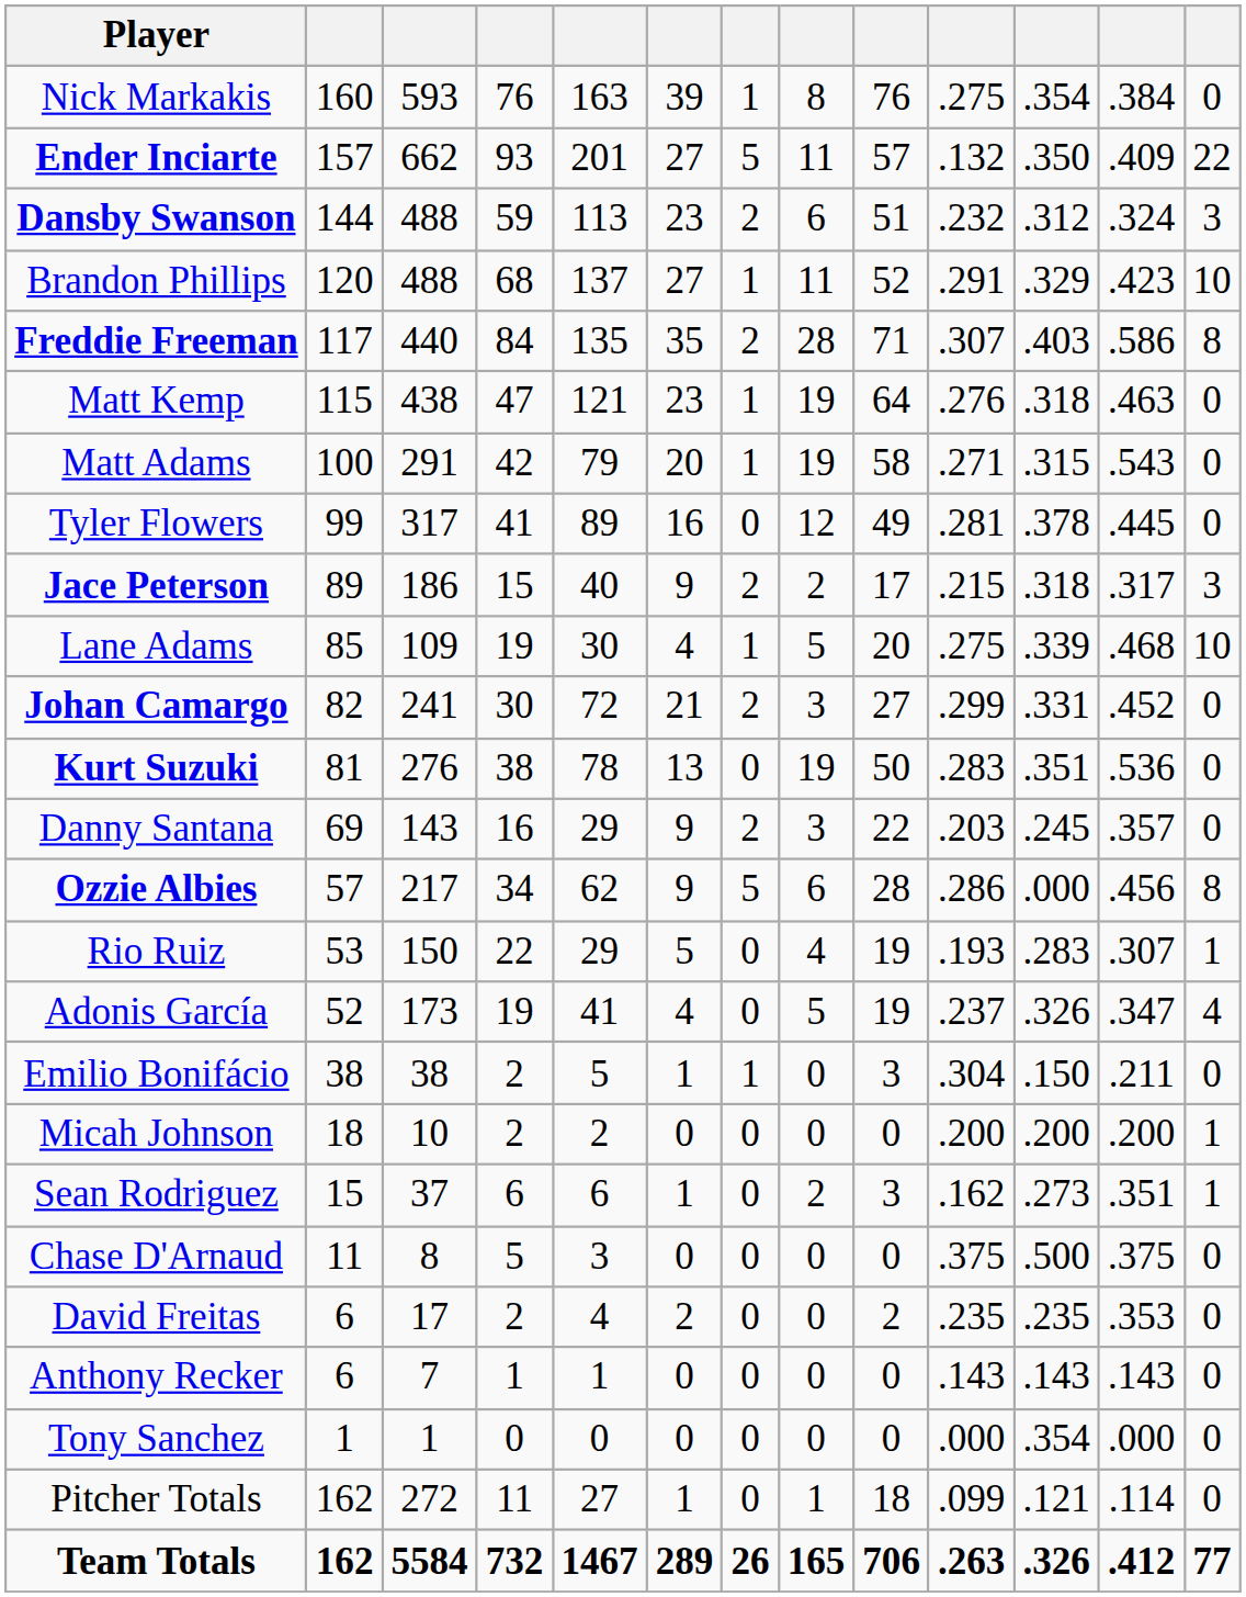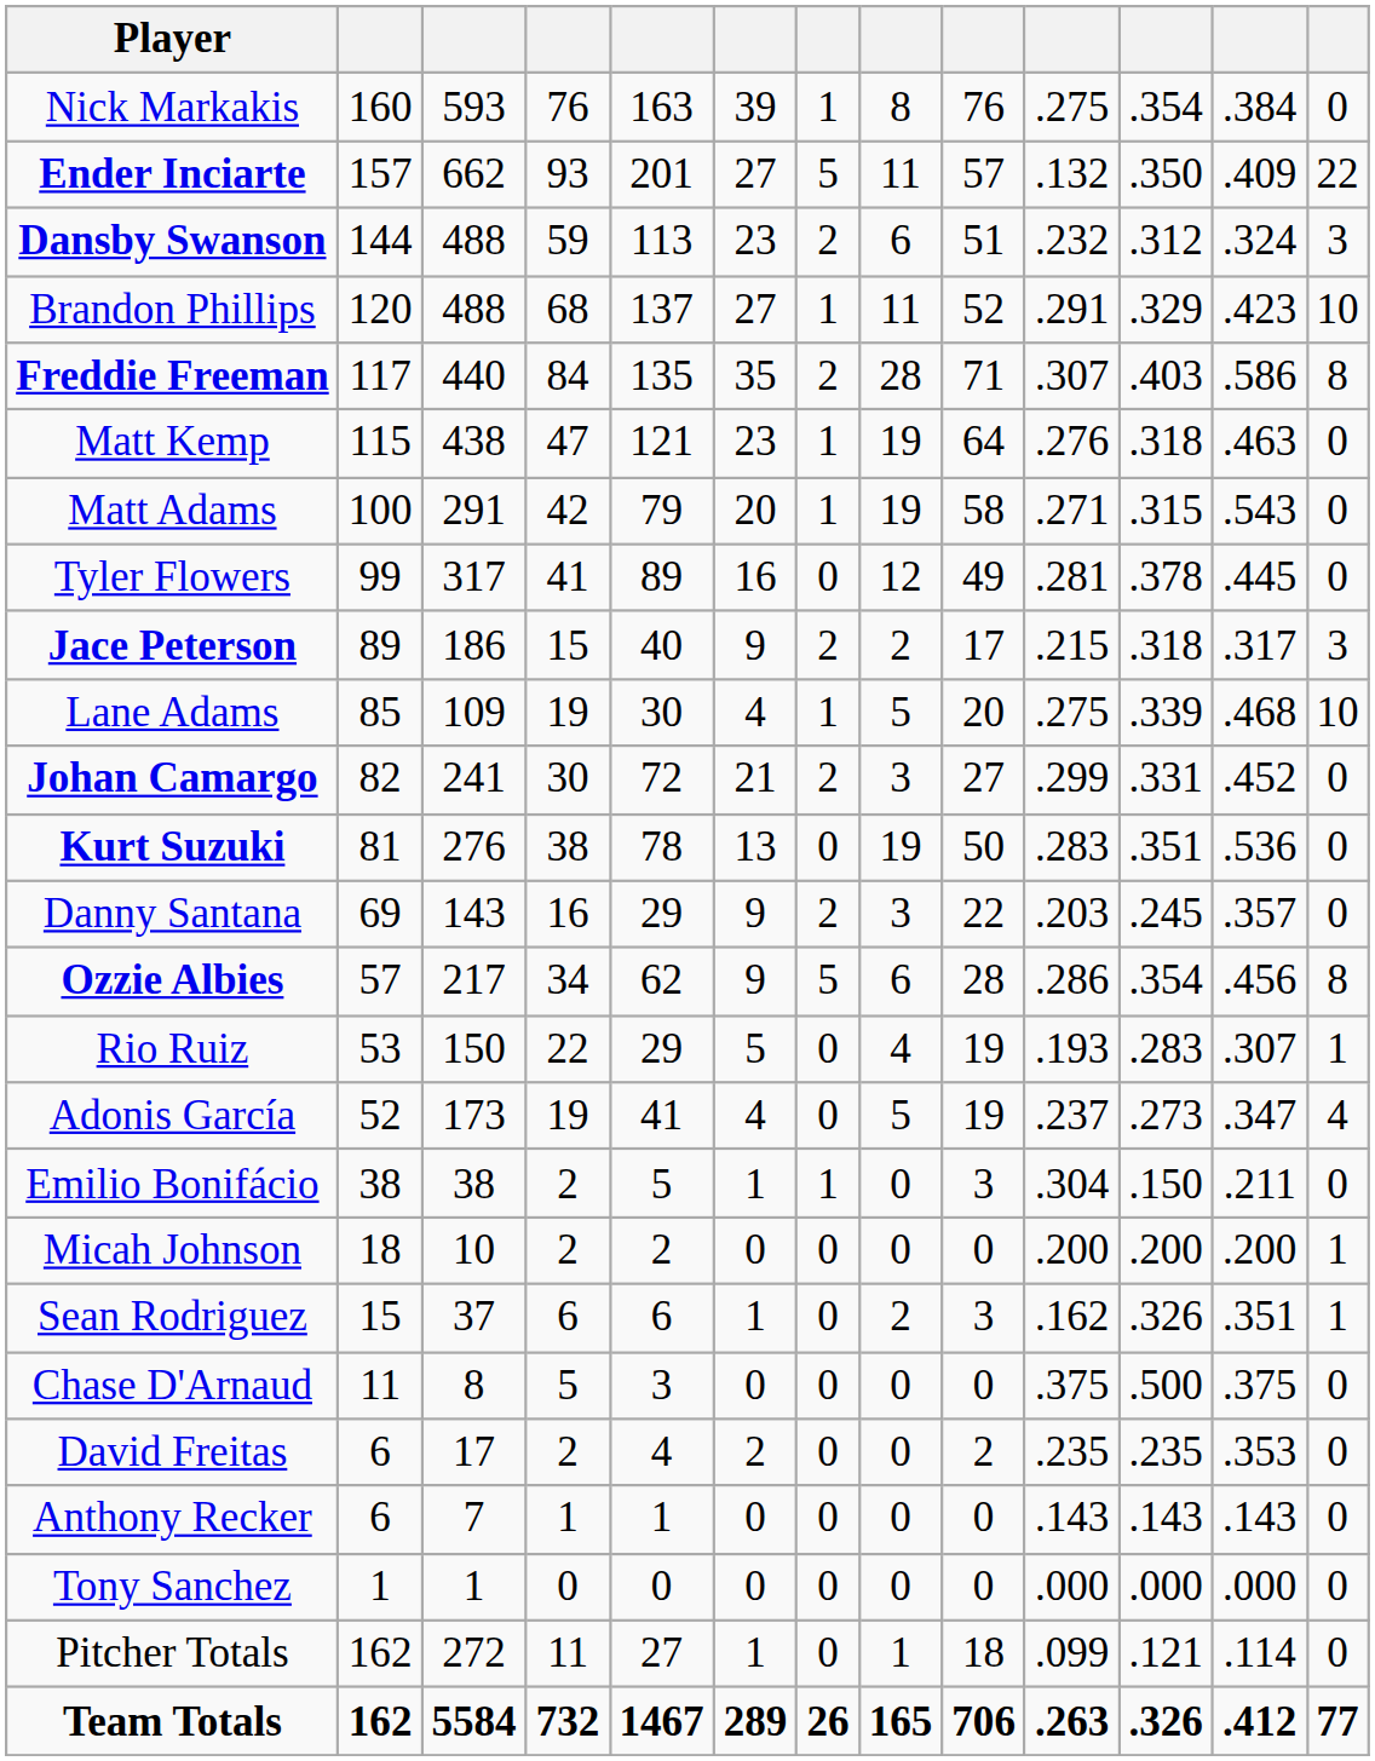 <table class="wikitable sortable" style="text-align:center;">
 <tr>
 <th>Player</th>
 <th></th>
 <th></th>
 <th></th>
 <th></th>
 <th></th>
 <th></th>
 <th></th>
 <th></th>
 <th></th>
 <th></th>
 <th></th>
 <th></th>
 </tr>
 <tr>
 <td><a href='#'>Nick Markakis</a></td>
 <td>160</td>
 <td>593</td>
 <td>76</td>
 <td>163</td>
 <td>39</td>
 <td>1</td>
 <td>8</td>
 <td>76</td>
 <td>.275</td>
 <td>.354</td>
 <td>.384</td>
 <td>0</td>
 </tr>
 <tr>
 <td><strong><a href='#'>Ender Inciarte</a></strong></td>
 <td>157</td>
 <td>662</td>
 <td>93</td>
 <td>201</td>
 <td>27</td>
 <td>5</td>
 <td>11</td>
 <td>57</td>
 <td>.132</td>
 <td>.350</td>
 <td>.409</td>
 <td>22</td>
 </tr>
 <tr>
 <td><strong><a href='#'>Dansby Swanson</a></strong></td>
 <td>144</td>
 <td>488</td>
 <td>59</td>
 <td>113</td>
 <td>23</td>
 <td>2</td>
 <td>6</td>
 <td>51</td>
 <td>.232</td>
 <td>.312</td>
 <td>.324</td>
 <td>3</td>
 </tr>
 <tr>
 <td><a href='#'>Brandon Phillips</a></td>
 <td>120</td>
 <td>488</td>
 <td>68</td>
 <td>137</td>
 <td>27</td>
 <td>1</td>
 <td>11</td>
 <td>52</td>
 <td>.291</td>
 <td>.329</td>
 <td>.423</td>
 <td>10</td>
 </tr>
 <tr>
 <td><strong><a href='#'>Freddie Freeman</a></strong></td>
 <td>117</td>
 <td>440</td>
 <td>84</td>
 <td>135</td>
 <td>35</td>
 <td>2</td>
 <td>28</td>
 <td>71</td>
 <td>.307</td>
 <td>.403</td>
 <td>.586</td>
 <td>8</td>
 </tr>
 <tr>
 <td><a href='#'>Matt Kemp</a></td>
 <td>115</td>
 <td>438</td>
 <td>47</td>
 <td>121</td>
 <td>23</td>
 <td>1</td>
 <td>19</td>
 <td>64</td>
 <td>.276</td>
 <td>.318</td>
 <td>.463</td>
 <td>0</td>
 </tr>
 <tr>
 <td><a href='#'>Matt Adams</a></td>
 <td>100</td>
 <td>291</td>
 <td>42</td>
 <td>79</td>
 <td>20</td>
 <td>1</td>
 <td>19</td>
 <td>58</td>
 <td>.271</td>
 <td>.315</td>
 <td>.543</td>
 <td>0</td>
 </tr>
 <tr>
 <td><a href='#'>Tyler Flowers</a></td>
 <td>99</td>
 <td>317</td>
 <td>41</td>
 <td>89</td>
 <td>16</td>
 <td>0</td>
 <td>12</td>
 <td>49</td>
 <td>.281</td>
 <td>.378</td>
 <td>.445</td>
 <td>0</td>
 </tr>
 <tr>
 <td><strong><a href='#'>Jace Peterson</a></strong></td>
 <td>89</td>
 <td>186</td>
 <td>15</td>
 <td>40</td>
 <td>9</td>
 <td>2</td>
 <td>2</td>
 <td>17</td>
 <td>.215</td>
 <td>.318</td>
 <td>.317</td>
 <td>3</td>
 </tr>
 <tr>
 <td><a href='#'>Lane Adams</a></td>
 <td>85</td>
 <td>109</td>
 <td>19</td>
 <td>30</td>
 <td>4</td>
 <td>1</td>
 <td>5</td>
 <td>20</td>
 <td>.275</td>
 <td>.339</td>
 <td>.468</td>
 <td>10</td>
 </tr>
 <tr>
 <td><strong><a href='#'>Johan Camargo</a></strong></td>
 <td>82</td>
 <td>241</td>
 <td>30</td>
 <td>72</td>
 <td>21</td>
 <td>2</td>
 <td>3</td>
 <td>27</td>
 <td>.299</td>
 <td>.331</td>
 <td>.452</td>
 <td>0</td>
 </tr>
 <tr>
 <td><strong><a href='#'>Kurt Suzuki</a></strong></td>
 <td>81</td>
 <td>276</td>
 <td>38</td>
 <td>78</td>
 <td>13</td>
 <td>0</td>
 <td>19</td>
 <td>50</td>
 <td>.283</td>
 <td>.351</td>
 <td>.536</td>
 <td>0</td>
 </tr>
 <tr>
 <td><a href='#'>Danny Santana</a></td>
 <td>69</td>
 <td>143</td>
 <td>16</td>
 <td>29</td>
 <td>9</td>
 <td>2</td>
 <td>3</td>
 <td>22</td>
 <td>.203</td>
 <td>.245</td>
 <td>.357</td>
 <td>0</td>
 </tr>
 <tr>
 <td><strong><a href='#'>Ozzie Albies</a></strong></td>
 <td>57</td>
 <td>217</td>
 <td>34</td>
 <td>62</td>
 <td>9</td>
 <td>5</td>
 <td>6</td>
 <td>28</td>
 <td>.286</td>
-<td>.000</td>
+<td>.354</td>
 <td>.456</td>
 <td>8</td>
 </tr>
 <tr>
 <td><a href='#'>Rio Ruiz</a></td>
 <td>53</td>
 <td>150</td>
 <td>22</td>
 <td>29</td>
 <td>5</td>
 <td>0</td>
 <td>4</td>
 <td>19</td>
 <td>.193</td>
 <td>.283</td>
 <td>.307</td>
 <td>1</td>
 </tr>
 <tr>
 <td><a href='#'>Adonis García</a></td>
 <td>52</td>
 <td>173</td>
 <td>19</td>
 <td>41</td>
 <td>4</td>
 <td>0</td>
 <td>5</td>
 <td>19</td>
 <td>.237</td>
-<td>.326</td>
+<td>.273</td>
 <td>.347</td>
 <td>4</td>
 </tr>
 <tr>
 <td><a href='#'>Emilio Bonifácio</a></td>
 <td>38</td>
 <td>38</td>
 <td>2</td>
 <td>5</td>
 <td>1</td>
 <td>1</td>
 <td>0</td>
 <td>3</td>
 <td>.304</td>
 <td>.150</td>
 <td>.211</td>
 <td>0</td>
 </tr>
 <tr>
 <td><a href='#'>Micah Johnson</a></td>
 <td>18</td>
 <td>10</td>
 <td>2</td>
 <td>2</td>
 <td>0</td>
 <td>0</td>
 <td>0</td>
 <td>0</td>
 <td>.200</td>
 <td>.200</td>
 <td>.200</td>
 <td>1</td>
 </tr>
 <tr>
 <td><a href='#'>Sean Rodriguez</a></td>
 <td>15</td>
 <td>37</td>
 <td>6</td>
 <td>6</td>
 <td>1</td>
 <td>0</td>
 <td>2</td>
 <td>3</td>
 <td>.162</td>
-<td>.273</td>
+<td>.326</td>
 <td>.351</td>
 <td>1</td>
 </tr>
 <tr>
 <td><a href='#'>Chase D'Arnaud</a></td>
 <td>11</td>
 <td>8</td>
 <td>5</td>
 <td>3</td>
 <td>0</td>
 <td>0</td>
 <td>0</td>
 <td>0</td>
 <td>.375</td>
 <td>.500</td>
 <td>.375</td>
 <td>0</td>
 </tr>
 <tr>
 <td><a href='#'>David Freitas</a></td>
 <td>6</td>
 <td>17</td>
 <td>2</td>
 <td>4</td>
 <td>2</td>
 <td>0</td>
 <td>0</td>
 <td>2</td>
 <td>.235</td>
 <td>.235</td>
 <td>.353</td>
 <td>0</td>
 </tr>
 <tr>
 <td><a href='#'>Anthony Recker</a></td>
 <td>6</td>
 <td>7</td>
 <td>1</td>
 <td>1</td>
 <td>0</td>
 <td>0</td>
 <td>0</td>
 <td>0</td>
 <td>.143</td>
 <td>.143</td>
 <td>.143</td>
 <td>0</td>
 </tr>
 <tr>
 <td><a href='#'>Tony Sanchez</a></td>
 <td>1</td>
 <td>1</td>
 <td>0</td>
 <td>0</td>
 <td>0</td>
 <td>0</td>
 <td>0</td>
 <td>0</td>
 <td>.000</td>
-<td>.354</td>
+<td>.000</td>
 <td>.000</td>
 <td>0</td>
 </tr>
 <tr>
 <td>Pitcher Totals</td>
 <td>162</td>
 <td>272</td>
 <td>11</td>
 <td>27</td>
 <td>1</td>
 <td>0</td>
 <td>1</td>
 <td>18</td>
 <td>.099</td>
 <td>.121</td>
 <td>.114</td>
 <td>0</td>
 </tr>
 <tr>
 <td><strong>Team Totals</strong></td>
 <td><strong>162</strong></td>
 <td><strong>5584</strong></td>
 <td><strong>732</strong></td>
 <td><strong>1467</strong></td>
 <td><strong>289</strong></td>
 <td><strong>26</strong></td>
 <td><strong>165</strong></td>
 <td><strong>706</strong></td>
 <td><strong>.263</strong></td>
 <td><strong>.326</strong></td>
 <td><strong>.412</strong></td>
 <td><strong>77</strong></td>
 </tr>
 <tr class="sortbottom|}">
 </tr>
 </table>
